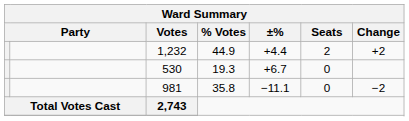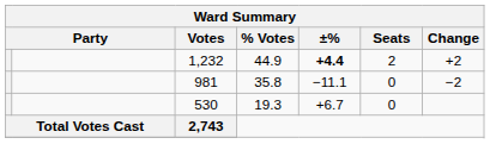 <table class="wikitable" style="font-size: 95%;">
 <tr>
 <th colspan="7">Ward Summary</th>
 </tr>
 <tr>
 <th colspan="2">Party</th>
 <th style="width: 60px">Votes</th>
 <th style="width: 60px">% Votes</th>
 <th style="width: 60px">±%</th>
 <th style="width: 60px">Seats</th>
 <th style="width: 60px">Change</th>
 </tr>
 <tr>
 <th style="background-color: "></th>
 <td style="width: 170px"><a href='#'></a></td>
 <td align="center">1,232</td>
 <td align="center">44.9</td>
-<td align="center">+4.4</td>
+<td align="center"><strong>+4.4</strong></td>
 <td align="center">2</td>
 <td align="center">+2</td>
+</tr>
+<tr>
+<th style="background-color: "></th>
+<td style="width: 170px"><a href='#'></a></td>
+<td align="center">981</td>
+<td align="center">35.8</td>
+<td align="center">−11.1</td>
+<td align="center">0</td>
+<td align="center">−2</td>
 </tr>
 <tr>
 <th style="background-color: "></th>
 <td style="width: 170px"><a href='#'></a></td>
 <td align="center">530</td>
 <td align="center">19.3</td>
 <td align="center">+6.7</td>
 <td align="center">0</td>
 <td align="center"></td>
 </tr>
-<tr>
-<th style="background-color: "></th>
-<td style="width: 170px"><a href='#'></a></td>
-<td align="center">981</td>
-<td align="center">35.8</td>
-<td align="center">−11.1</td>
-<td align="center">0</td>
-<td align="center">−2</td>
-</tr>
 <tr style="background-color:#E9E9E9">
 <th colspan="2">Total Votes Cast</th>
 <th style="width: 60px">2,743</th>
 </tr>
 <tr style="background-color:#E9E9E9">
 </tr>
 </table>
